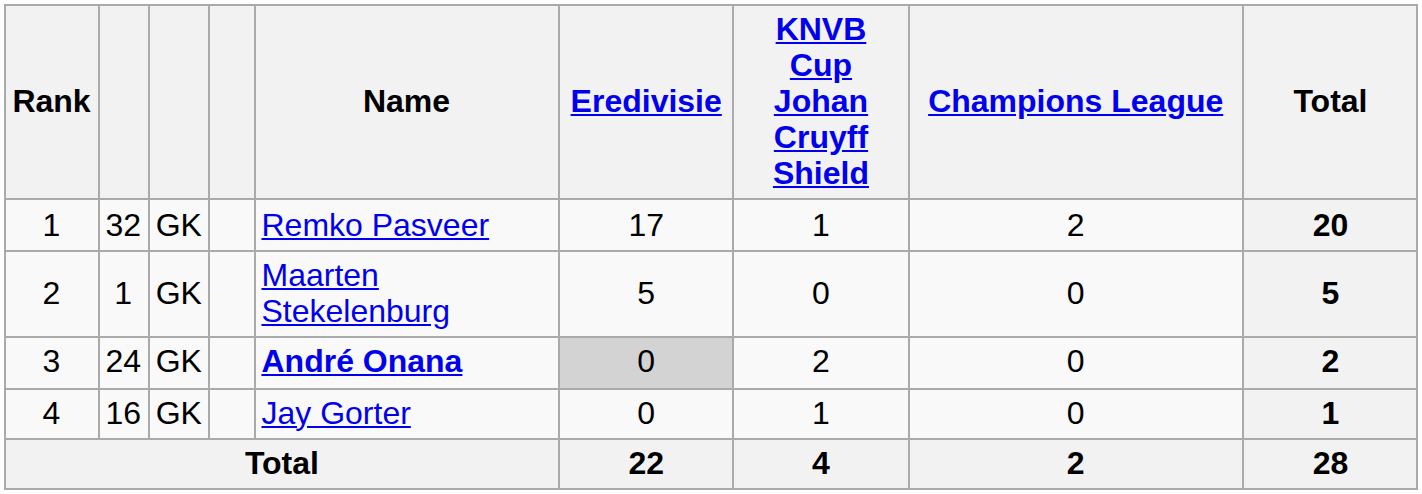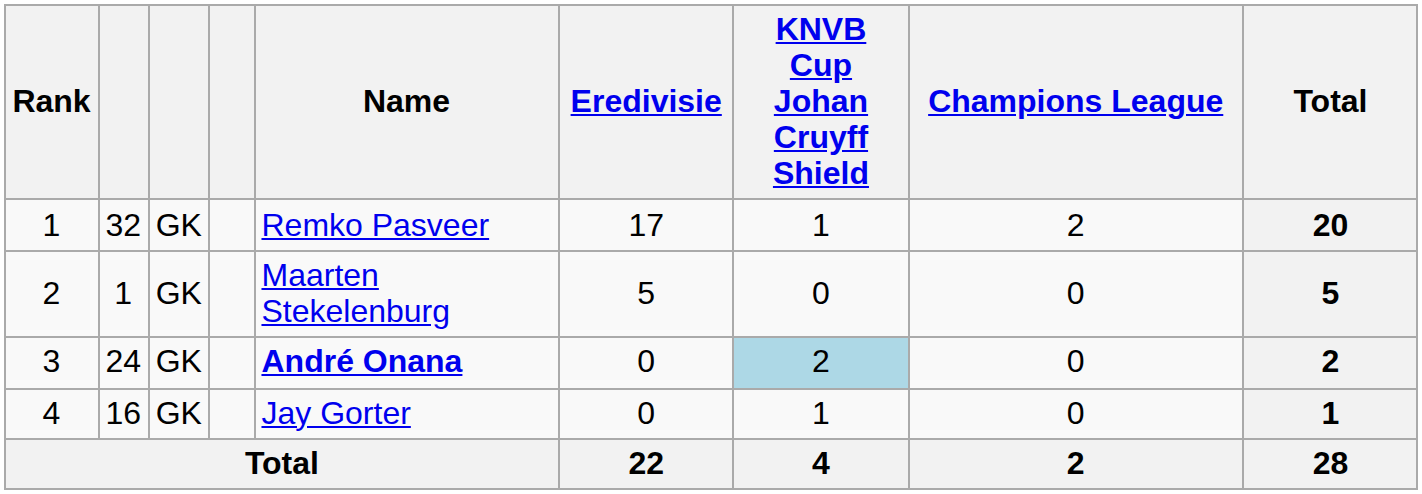 <table class="wikitable" style="text-align:center;">
 <tr>
 <th style="width:15px;">Rank</th>
 <th style="width:15px;"></th>
 <th style="width:15px;"></th>
 <th style="width:15px;"></th>
 <th style="width:145px;">Name</th>
 <th style="width:80px;"><a href='#'>Eredivisie</a></th>
 <th style="width:80px;"><a href='#'>KNVB Cup</a><br><a href='#'>Johan Cruyff Shield</a></th>
 <th style="width:160px;"><a href='#'>Champions League</a></th>
 <th style="width:80px;">Total</th>
 </tr>
 <tr>
 <td rowspan=1>1</td>
 <td>32</td>
 <td>GK</td>
 <td></td>
 <td align="left"><a href='#'>Remko Pasveer</a></td>
 <td>17</td>
 <td>1</td>
 <td>2</td>
 <th>20</th>
 </tr>
 <tr>
 <td rowspan=1>2</td>
 <td>1</td>
 <td>GK</td>
 <td></td>
 <td align="left"><a href='#'>Maarten Stekelenburg</a></td>
 <td>5</td>
 <td>0</td>
 <td>0</td>
 <th>5</th>
 </tr>
 <tr>
 <td rowspan=1>3</td>
 <td>24</td>
 <td>GK</td>
 <td></td>
 <td align="left"><strong><a href='#'>André Onana</a></strong></td>
-<td style="background: lightgrey;">0</td>
-<td>2</td>
+<td>0</td>
+<td style="background: lightblue;">2</td>
 <td>0</td>
 <th>2</th>
 </tr>
 <tr>
 <td rowspan=1>4</td>
 <td>16</td>
 <td>GK</td>
 <td></td>
 <td align="left"><a href='#'>Jay Gorter</a></td>
 <td>0</td>
 <td>1</td>
 <td>0</td>
 <th>1</th>
 </tr>
 <tr>
 <th colspan="5">Total</th>
 <th>22</th>
 <th>4</th>
 <th>2</th>
 <th>28</th>
 </tr>
 </table>
